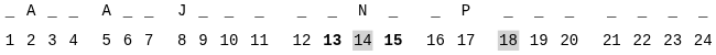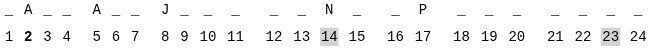 <table cellspacing=8>
 <tr align=center>
 <td>_</td>
 <td>A</td>
 <td>_</td>
 <td>_</td>
 <td></td>
 <td>A</td>
 <td>_</td>
 <td>_</td>
 <td></td>
 <td>J</td>
 <td>_</td>
 <td>_</td>
 <td>_</td>
 <td></td>
 <td>_</td>
 <td>_</td>
 <td>N</td>
 <td>_</td>
 <td></td>
 <td>_</td>
 <td>P</td>
 <td></td>
 <td>_</td>
 <td>_</td>
 <td>_</td>
 <td></td>
 <td>_</td>
 <td>_</td>
 <td>_</td>
 <td>_</td>
 </tr>
 <tr align=center>
 <td>1</td>
-<td>2</td>
+<td><strong>2</strong></td>
 <td>3</td>
 <td>4</td>
 <td></td>
 <td>5</td>
 <td>6</td>
 <td>7</td>
 <td></td>
 <td>8</td>
 <td>9</td>
 <td>10</td>
 <td>11</td>
 <td></td>
 <td>12</td>
-<td><strong>13</strong></td>
+<td>13</td>
 <td style="background: lightgrey;">14</td>
-<td><strong>15</strong></td>
+<td>15</td>
 <td></td>
 <td>16</td>
 <td>17</td>
 <td></td>
-<td style="background: lightgrey;">18</td>
+<td>18</td>
 <td>19</td>
 <td>20</td>
 <td></td>
 <td>21</td>
 <td>22</td>
-<td>23</td>
+<td style="background: lightgrey;">23</td>
 <td>24</td>
 </tr>
 </table>
